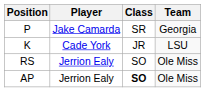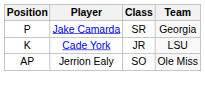 <table class="wikitable sortable">
 <tr>
 <th>Position</th>
 <th>Player</th>
 <th>Class</th>
 <th>Team</th>
 </tr>
 <tr style="text-align:center;">
 <td style="background:white">P</td>
 <td style="background:white"><a href='#'>Jake Camarda</a></td>
 <td style="background:white">SR</td>
 <td>Georgia</td>
 </tr>
 <tr style="text-align:center;">
 <td style="background:white">K</td>
 <td style="background:white"><a href='#'>Cade York</a></td>
 <td style="background:white">JR</td>
 <td>LSU</td>
 </tr>
 <tr style="text-align:center;">
-<td style="background:white">RS</td>
-<td style="background:white"><a href='#'>Jerrion Ealy</a></td>
+<td style="background:white">AP</td>
+<td style="background:white">Jerrion Ealy</td>
 <td style="background:white">SO</td>
 <td>Ole Miss</td>
 </tr>
-<tr style="text-align:center;">
-<td style="background:white">AP</td>
-<td style="background:white">Jerrion Ealy</td>
-<td style="background:white"><strong>SO</strong></td>
-<td>Ole Miss</td>
-</tr>
 </table>
